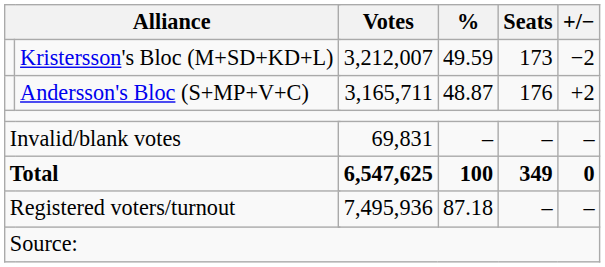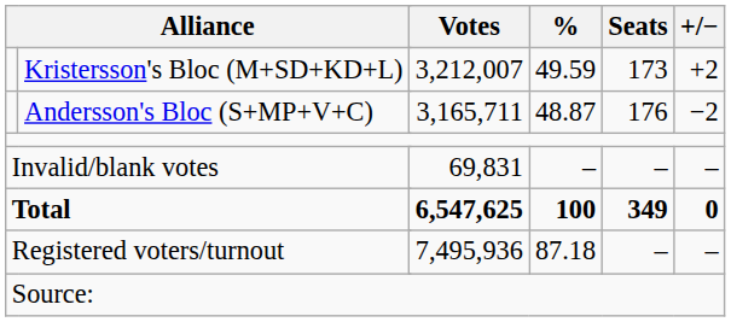 <table class=wikitable style=text-align:right>
 <tr>
 <th colspan=3>Alliance</th>
 <th>Votes</th>
 <th>%</th>
 <th>Seats</th>
 <th>+/−</th>
 </tr>
 <tr>
 <td style="background-color:"></td>
 <td style="text-align:left" colspan=2><a href='#'>Kristersson</a>'s Bloc (M+SD+KD+L)</td>
 <td>3,212,007</td>
 <td>49.59</td>
 <td>173</td>
-<td>−2</td>
+<td>+2</td>
 </tr>
 <tr>
 <td style="background-color:"></td>
 <td style="text-align:left" colspan=2><a href='#'>Andersson's Bloc</a> (S+MP+V+C)</td>
 <td>3,165,711</td>
 <td>48.87</td>
 <td>176</td>
-<td>+2</td>
+<td>−2</td>
 </tr>
 <tr>
 <td colspan=7></td>
 </tr>
 <tr>
 <td style="text-align:left" colspan=3>Invalid/blank votes</td>
 <td>69,831</td>
 <td>–</td>
 <td>–</td>
 <td>–</td>
 </tr>
 <tr>
 <td style="text-align:left" colspan=3><strong>Total</strong></td>
 <td><strong>6,547,625</strong></td>
 <td><strong>100</strong></td>
 <td><strong>349</strong></td>
 <td><strong>0</strong></td>
 </tr>
 <tr>
 <td style="text-align:left" colspan=3>Registered voters/turnout</td>
 <td>7,495,936</td>
 <td>87.18</td>
 <td>–</td>
 <td>–</td>
 </tr>
 <tr>
 <td colspan=7 style="text-align:left">Source: </td>
 </tr>
 </table>
